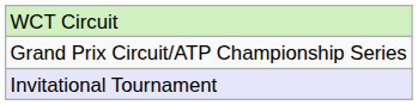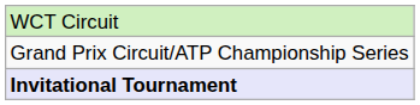 <table class="wikitable" style="font-size:85%;">
 <tr style="background:#d0f0c0;">
 <td>WCT Circuit</td>
 </tr>
 <tr>
 <td>Grand Prix Circuit/ATP Championship Series</td>
 </tr>
 <tr style="background:#E6E6FA;">
-<td>Invitational Tournament</td>
+<td><strong>Invitational Tournament</strong></td>
 </tr>
 </table>
